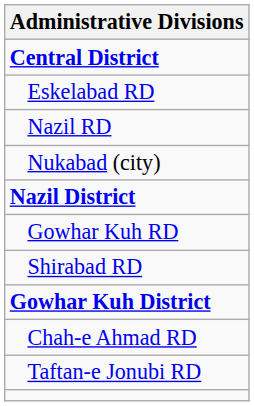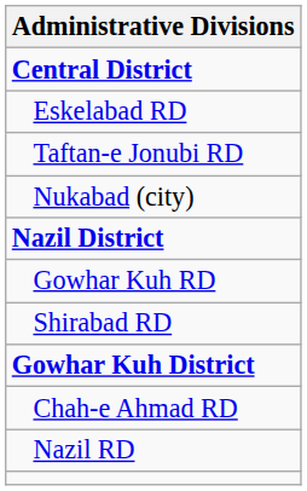 <table class="wikitable">
 <tr>
 <th>Administrative Divisions</th>
 </tr>
 <tr>
 <td><strong><a href='#'>Central District</a></strong></td>
 </tr>
 <tr>
 <td style="padding-left: 1em;"><a href='#'>Eskelabad RD</a></td>
 </tr>
 <tr>
-<td style="padding-left: 1em;"><a href='#'>Nazil RD</a></td>
+<td style="padding-left: 1em;"><a href='#'>Taftan-e Jonubi RD</a></td>
 </tr>
 <tr>
 <td style="padding-left: 1em;"><a href='#'>Nukabad</a> (city)</td>
 </tr>
 <tr>
 <td><strong><a href='#'>Nazil District</a></strong></td>
 </tr>
 <tr>
 <td style="padding-left: 1em;"><a href='#'>Gowhar Kuh RD</a></td>
 </tr>
 <tr>
 <td style="padding-left: 1em;"><a href='#'>Shirabad RD</a></td>
 </tr>
 <tr>
 <td><strong><a href='#'>Gowhar Kuh District</a></strong></td>
 </tr>
 <tr>
 <td style="padding-left: 1em;"><a href='#'>Chah-e Ahmad RD</a></td>
 </tr>
 <tr>
-<td style="padding-left: 1em;"><a href='#'>Taftan-e Jonubi RD</a></td>
+<td style="padding-left: 1em;"><a href='#'>Nazil RD</a></td>
 </tr>
 <tr>
 <td colspan=1></td>
 </tr>
 </table>
